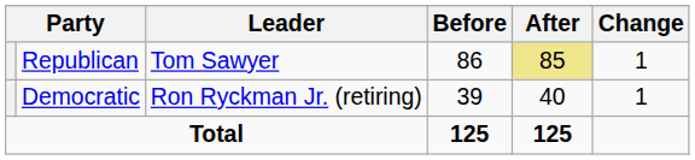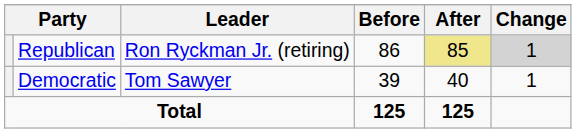 <table class="wikitable" style="text-align:center;">
 <tr>
 </tr>
 <tr>
 <th colspan=2>Party</th>
 <th>Leader</th>
 <th style="width:3em">Before</th>
 <th style="width:3em">After</th>
 <th style="width:3em">Change</th>
 </tr>
 <tr>
 <th style="background-color:"></th>
 <td style="text-align:left;"><a href='#'>Republican</a></td>
-<td style="text-align:left;"><a href='#'>Tom Sawyer</a></td>
+<td style="text-align:left;"><a href='#'>Ron Ryckman Jr.</a> (retiring)</td>
 <td>86</td>
 <td style="background: khaki;">85</td>
-<td>1</td>
+<td style="background: lightgrey;">1</td>
 </tr>
 <tr>
 <th style="background-color:"></th>
 <td style="text-align:left;"><a href='#'>Democratic</a></td>
-<td style="text-align:left;"><a href='#'>Ron Ryckman Jr.</a> (retiring)</td>
+<td style="text-align:left;"><a href='#'>Tom Sawyer</a></td>
 <td>39</td>
 <td>40</td>
 <td>1</td>
 </tr>
 <tr>
 <td colspan=3><strong>Total</strong></td>
 <td><strong>125</strong></td>
 <td><strong>125</strong></td>
 <td></td>
 </tr>
 </table>
